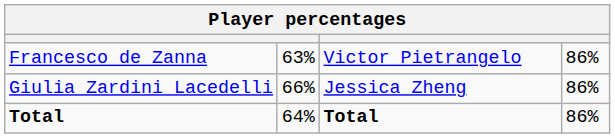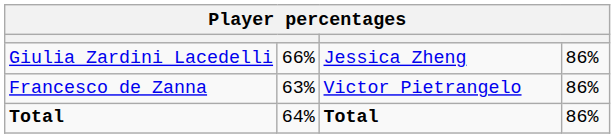 <table class="wikitable">
 <tr>
 <th colspan=4 width=400>Player percentages</th>
 </tr>
 <tr>
 <th colspan=2 width=200 style="white-space:nowrap;"></th>
 <th colspan=2 width=200 style="white-space:nowrap;"></th>
 </tr>
 <tr>
+<td><a href='#'>Giulia Zardini Lacedelli</a></td>
+<td>66%</td>
+<td><a href='#'>Jessica Zheng</a></td>
+<td>86%</td>
+</tr>
+<tr>
 <td><a href='#'>Francesco de Zanna</a></td>
 <td>63%</td>
 <td><a href='#'>Victor Pietrangelo</a></td>
-<td>86%</td>
-</tr>
-<tr>
-<td><a href='#'>Giulia Zardini Lacedelli</a></td>
-<td>66%</td>
-<td><a href='#'>Jessica Zheng</a></td>
 <td>86%</td>
 </tr>
 <tr>
 <td><strong>Total</strong></td>
 <td>64%</td>
 <td><strong>Total</strong></td>
 <td>86%</td>
 </tr>
 </table>
